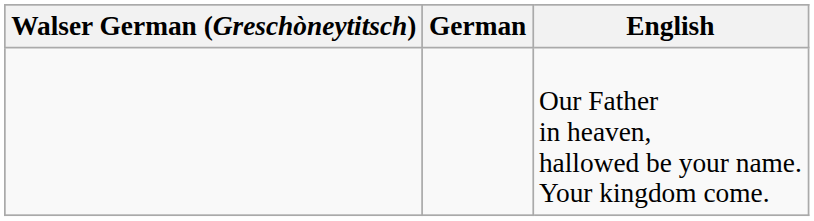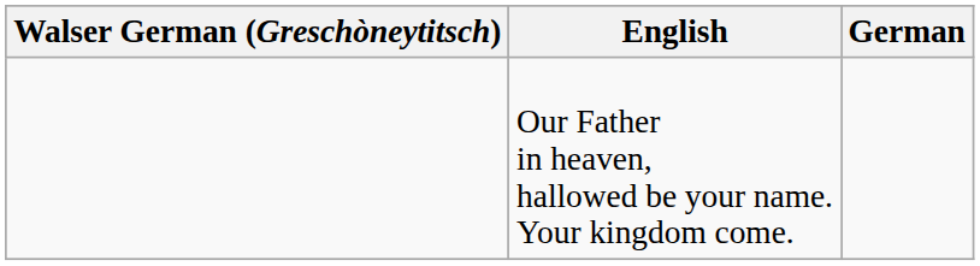 <table class="wikitable">
 <tr>
 <th>Walser German (<em>Greschòneytitsch</em>)</th>
+<th>English</th>
 <th>German</th>
-<th>English</th>
 </tr>
 <tr>
 <td><br><br></td>
+<td><br>Our Father<br> in heaven,<br> hallowed be your name.<br> Your kingdom come.</td>
 <td><br></td>
-<td><br>Our Father<br> in heaven,<br> hallowed be your name.<br> Your kingdom come.</td>
 </tr>
 </table>
